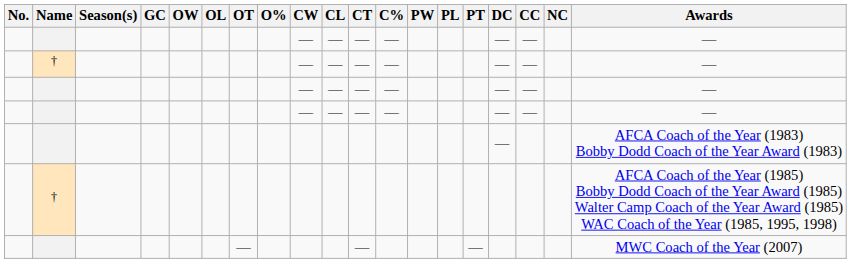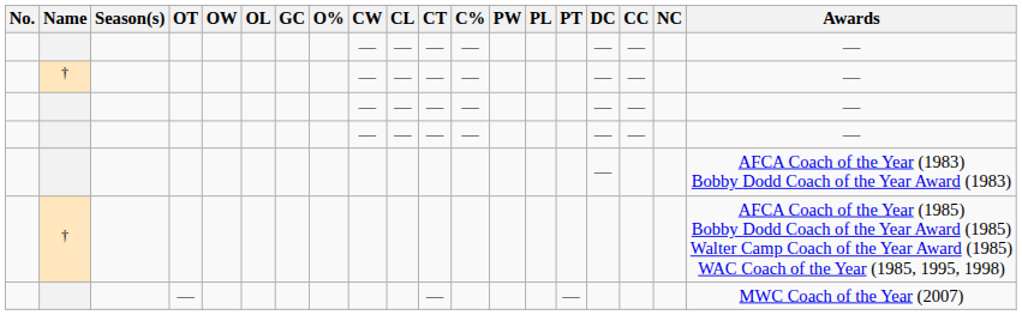 <table class="wikitable sortable" style="text-align:center">
 <tr>
 <th scope="col" class="unsortable">No.</th>
 <th scope="col">Name</th>
 <th scope="col">Season(s)</th>
-<th scope="col">GC</th>
+<th scope="col">OT</th>
 <th scope="col">OW</th>
 <th scope="col">OL</th>
-<th scope="col">OT</th>
+<th scope="col">GC</th>
 <th scope="col">O%</th>
 <th scope="col">CW</th>
 <th scope="col">CL</th>
 <th scope="col">CT</th>
 <th scope="col">C%</th>
 <th scope="col">PW</th>
 <th scope="col">PL</th>
 <th scope="col">PT</th>
 <th scope="col">DC</th>
 <th scope="col">CC</th>
 <th scope="col">NC</th>
 <th scope="col" class="unsortable">Awards</th>
 </tr>
 <tr>
 <td></td>
 <th scope="row"></th>
 <td></td>
 <td></td>
 <td></td>
 <td></td>
 <td></td>
 <td></td>
 <td>—</td>
 <td>—</td>
 <td>—</td>
 <td>—</td>
 <td></td>
 <td></td>
 <td></td>
 <td>—</td>
 <td>—</td>
 <td></td>
 <td>—</td>
 </tr>
 <tr>
 <td></td>
 <td scope="row" align="center" bgcolor=#FFE6BD><strong></strong><sup>†</sup></td>
 <td></td>
 <td></td>
 <td></td>
 <td></td>
 <td></td>
 <td></td>
 <td>—</td>
 <td>—</td>
 <td>—</td>
 <td>—</td>
 <td></td>
 <td></td>
 <td></td>
 <td>—</td>
 <td>—</td>
 <td></td>
 <td>—</td>
 </tr>
 <tr>
 <td></td>
 <th scope="row"></th>
 <td></td>
 <td></td>
 <td></td>
 <td></td>
 <td></td>
 <td></td>
 <td>—</td>
 <td>—</td>
 <td>—</td>
 <td>—</td>
 <td></td>
 <td></td>
 <td></td>
 <td>—</td>
 <td>—</td>
 <td></td>
 <td>—</td>
 </tr>
 <tr>
 <td></td>
 <th scope="row"></th>
 <td></td>
 <td></td>
 <td></td>
 <td></td>
 <td></td>
 <td></td>
 <td>—</td>
 <td>—</td>
 <td>—</td>
 <td>—</td>
 <td></td>
 <td></td>
 <td></td>
 <td>—</td>
 <td>—</td>
 <td></td>
 <td>—</td>
 </tr>
 <tr>
 <td></td>
 <th scope="row"></th>
 <td></td>
 <td></td>
 <td></td>
 <td></td>
 <td></td>
 <td></td>
 <td></td>
 <td></td>
 <td></td>
 <td></td>
 <td></td>
 <td></td>
 <td></td>
 <td>—</td>
 <td></td>
 <td></td>
 <td><a href='#'>AFCA Coach of the Year</a> (1983)<br><a href='#'>Bobby Dodd Coach of the Year Award</a> (1983)</td>
 </tr>
 <tr>
 <td></td>
 <td scope="row" align="center" bgcolor=#FFE6BD><strong></strong><sup>†</sup></td>
 <td></td>
 <td></td>
 <td></td>
 <td></td>
 <td></td>
 <td></td>
 <td></td>
 <td></td>
 <td></td>
 <td></td>
 <td></td>
 <td></td>
 <td></td>
 <td></td>
 <td></td>
 <td></td>
 <td><a href='#'>AFCA Coach of the Year</a> (1985)<br><a href='#'>Bobby Dodd Coach of the Year Award</a> (1985)<br><a href='#'>Walter Camp Coach of the Year Award</a> (1985)<br><a href='#'>WAC Coach of the Year</a> (1985, 1995, 1998)</td>
 </tr>
 <tr>
 <td></td>
 <th scope="row"></th>
 <td></td>
+<td>—</td>
 <td></td>
 <td></td>
 <td></td>
-<td>—</td>
 <td></td>
 <td></td>
 <td></td>
 <td>—</td>
 <td></td>
 <td></td>
 <td></td>
 <td>—</td>
 <td></td>
 <td></td>
 <td></td>
 <td><a href='#'>MWC Coach of the Year</a> (2007)</td>
 </tr>
 </table>
